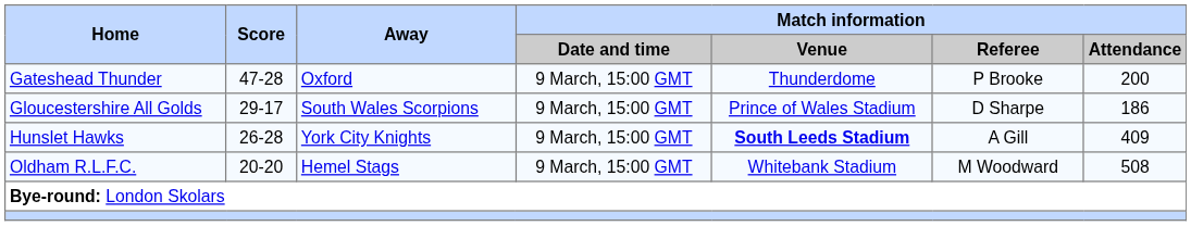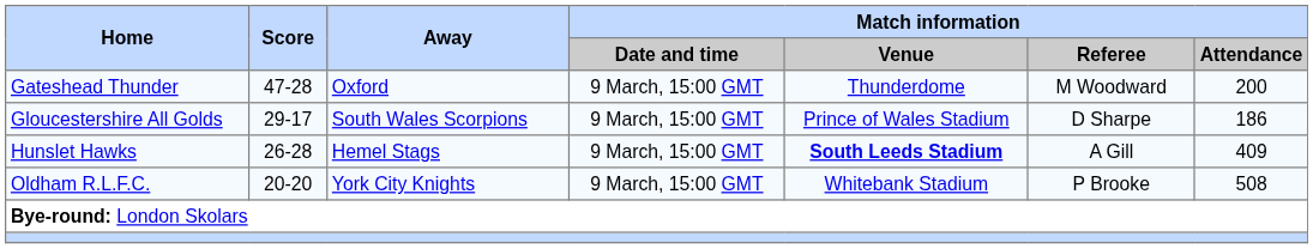 <table border=1 style="border-collapse:collapse; font-size:80%; text-align:center;" cellpadding=3 cellspacing=0 width=100%>
 <tr bgcolor=#C1D8FF>
 <th rowspan=2 width=19%>Home</th>
 <th rowspan=2 width=6%>Score</th>
 <th rowspan=2 width=19%>Away</th>
 <th colspan=6>Match information</th>
 </tr>
 <tr bgcolor=#CCCCCC>
 <th width=17%>Date and time</th>
 <th width=19%>Venue</th>
 <th width=13%>Referee</th>
 <th width=7%>Attendance</th>
 </tr>
 <tr bgcolor=#F5FAFF>
 <td align=left> <a href='#'>Gateshead Thunder</a></td>
 <td>47-28</td>
 <td align=left> <a href='#'>Oxford</a></td>
 <td>9 March, 15:00 <a href='#'>GMT</a></td>
 <td><a href='#'>Thunderdome</a></td>
-<td>P Brooke</td>
+<td>M Woodward</td>
 <td>200</td>
 </tr>
 <tr bgcolor=#F5FAFF>
 <td align=left> <a href='#'>Gloucestershire All Golds</a></td>
 <td>29-17</td>
 <td align=left> <a href='#'>South Wales Scorpions</a></td>
 <td>9 March, 15:00 <a href='#'>GMT</a></td>
 <td><a href='#'>Prince of Wales Stadium</a></td>
 <td>D Sharpe</td>
 <td>186</td>
 </tr>
 <tr bgcolor=#F5FAFF>
 <td align=left> <a href='#'>Hunslet Hawks</a></td>
 <td>26-28</td>
-<td align=left> <a href='#'>York City Knights</a></td>
+<td align=left> <a href='#'>Hemel Stags</a></td>
 <td>9 March, 15:00 <a href='#'>GMT</a></td>
 <td><strong><a href='#'>South Leeds Stadium</a></strong></td>
 <td>A Gill</td>
 <td>409</td>
 </tr>
 <tr bgcolor=#F5FAFF>
 <td align=left> <a href='#'>Oldham R.L.F.C.</a></td>
 <td>20-20</td>
-<td align=left> <a href='#'>Hemel Stags</a></td>
+<td align=left> <a href='#'>York City Knights</a></td>
 <td>9 March, 15:00 <a href='#'>GMT</a></td>
 <td><a href='#'>Whitebank Stadium</a></td>
-<td>M Woodward</td>
+<td>P Brooke</td>
 <td>508</td>
 </tr>
 <tr>
 <td colspan="7" align="left"><strong>Bye-round:</strong>  <a href='#'>London Skolars</a></td>
 </tr>
 <tr bgcolor=#C1D8FF>
 <th colspan=12></th>
 </tr>
 </table>
